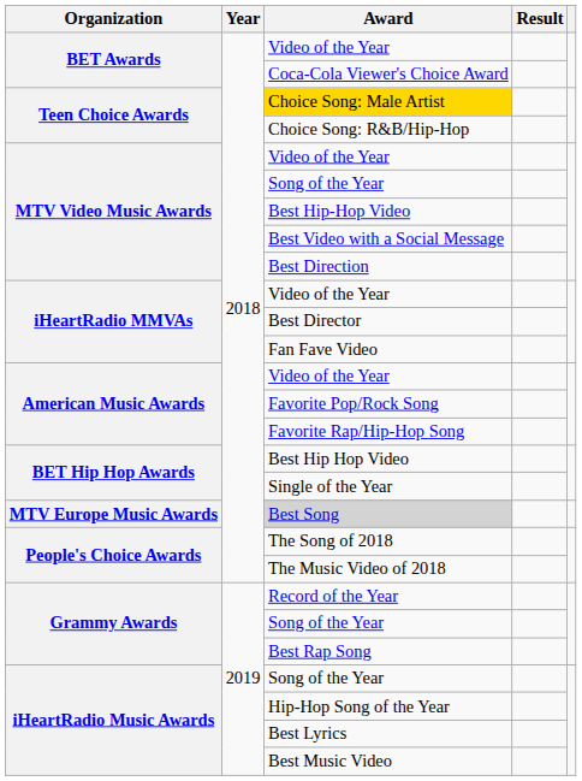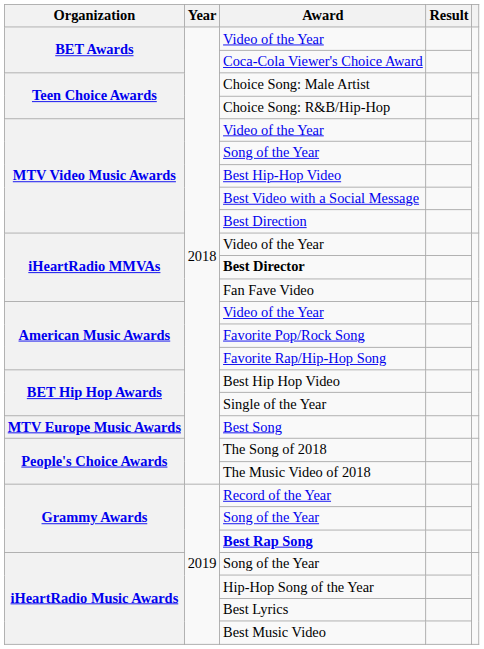 <table class="wikitable plainrowheaders sortable">
 <tr>
 <th scope="col">Organization</th>
 <th scope="col">Year</th>
 <th scope="col">Award</th>
 <th scope="col">Result</th>
 <th scope="col" class="unsortable"></th>
 </tr>
 <tr>
 <th scope="row" rowspan="2"><a href='#'>BET Awards</a></th>
 <td style="text-align:center;" rowspan="20">2018</td>
 <td><a href='#'>Video of the Year</a></td>
 <td></td>
 <td style="text-align:center;" rowspan="2"></td>
 </tr>
 <tr>
 <td><a href='#'>Coca-Cola Viewer's Choice Award</a></td>
 <td></td>
 </tr>
 <tr>
 <th scope="row" rowspan="2"><a href='#'>Teen Choice Awards</a></th>
-<td style="background: gold;">Choice Song: Male Artist</td>
+<td>Choice Song: Male Artist</td>
 <td></td>
 <td style="text-align:center;" rowspan="2"></td>
 </tr>
 <tr>
 <td>Choice Song: R&B/Hip-Hop</td>
 <td></td>
 </tr>
 <tr>
 <th scope="row" rowspan="5"><a href='#'>MTV Video Music Awards</a></th>
 <td><a href='#'>Video of the Year</a></td>
 <td></td>
 <td style="text-align:center;" rowspan="5"></td>
 </tr>
 <tr>
 <td><a href='#'>Song of the Year</a></td>
 <td></td>
 </tr>
 <tr>
 <td><a href='#'>Best Hip-Hop Video</a></td>
 <td></td>
 </tr>
 <tr>
 <td><a href='#'>Best Video with a Social Message</a></td>
 <td></td>
 </tr>
 <tr>
 <td><a href='#'>Best Direction</a></td>
 <td></td>
 </tr>
 <tr>
 <th scope="row" rowspan="3"><a href='#'>iHeartRadio MMVAs</a></th>
 <td>Video of the Year</td>
 <td></td>
 <td style="text-align:center;" rowspan="3"></td>
 </tr>
 <tr>
-<td>Best Director</td>
+<td><strong>Best Director</strong></td>
 <td></td>
 </tr>
 <tr>
 <td>Fan Fave Video</td>
 <td></td>
 </tr>
 <tr>
 <th scope="row" rowspan="3"><a href='#'>American Music Awards</a></th>
 <td><a href='#'>Video of the Year</a></td>
 <td></td>
 <td style="text-align:center;" rowspan="3"></td>
 </tr>
 <tr>
 <td><a href='#'>Favorite Pop/Rock Song</a></td>
 <td></td>
 </tr>
 <tr>
 <td><a href='#'>Favorite Rap/Hip-Hop Song</a></td>
 <td></td>
 </tr>
 <tr>
 <th scope="row" rowspan="2"><a href='#'>BET Hip Hop Awards</a></th>
 <td>Best Hip Hop Video</td>
 <td></td>
 <td style="text-align:center;" rowspan="2"></td>
 </tr>
 <tr>
 <td>Single of the Year</td>
 <td></td>
 </tr>
 <tr>
 <th scope="row"><a href='#'>MTV Europe Music Awards</a></th>
-<td style="background: lightgrey;"><a href='#'>Best Song</a></td>
+<td><a href='#'>Best Song</a></td>
 <td></td>
 <td style="text-align:center;"></td>
 </tr>
 <tr>
 <th scope="row" rowspan="2"><a href='#'>People's Choice Awards</a></th>
 <td>The Song of 2018</td>
 <td></td>
 <td style="text-align:center;" rowspan="2"></td>
 </tr>
 <tr>
 <td>The Music Video of 2018</td>
 <td></td>
 </tr>
 <tr>
 <th scope="row" rowspan="3"><a href='#'>Grammy Awards</a></th>
 <td style="text-align:center;" rowspan="7">2019</td>
 <td><a href='#'>Record of the Year</a></td>
 <td></td>
 <td style="text-align:center;" rowspan="3"></td>
 </tr>
 <tr>
 <td><a href='#'>Song of the Year</a></td>
 <td></td>
 </tr>
 <tr>
-<td><a href='#'>Best Rap Song</a></td>
+<td><strong><a href='#'>Best Rap Song</a></strong></td>
 <td></td>
 </tr>
 <tr>
 <th scope="row" rowspan="4"><a href='#'>iHeartRadio Music Awards</a></th>
 <td>Song of the Year</td>
 <td></td>
 <td style="text-align:center;" rowspan="4"></td>
 </tr>
 <tr>
 <td>Hip-Hop Song of the Year</td>
 <td></td>
 </tr>
 <tr>
 <td>Best Lyrics</td>
 <td></td>
 </tr>
 <tr>
 <td>Best Music Video</td>
 <td></td>
 </tr>
 </table>
